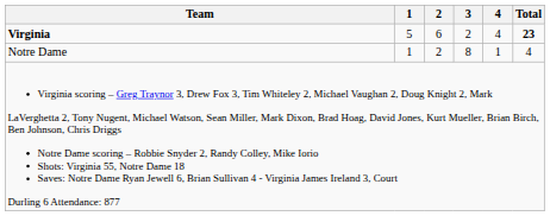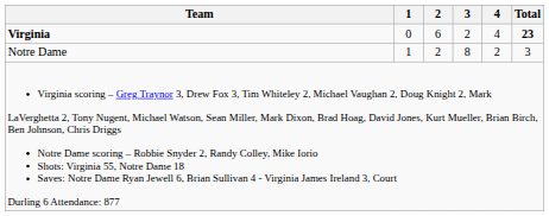 <table class="wikitable" style="text-align:center; max-width:45em">
 <tr>
 <th>Team</th>
 <th style="width:2em">1</th>
 <th style="width:2em">2</th>
 <th style="width:2em">3</th>
 <th style="width:2em">4</th>
 <th style="width:2em">Total</th>
 </tr>
 <tr>
 <td style="text-align:left"><strong>Virginia</strong></td>
-<td>5</td>
+<td>0</td>
 <td>6</td>
 <td>2</td>
 <td>4</td>
 <td><strong>23</strong></td>
 </tr>
 <tr>
 <td style="text-align:left">Notre Dame</td>
 <td>1</td>
 <td>2</td>
 <td>8</td>
-<td>1</td>
-<td>4</td>
+<td>2</td>
+<td>3</td>
 </tr>
 <tr>
 <td colspan=6 style="text-align:left; font-size:88%;"><br><ul><li>Virginia scoring – <a href='#'>Greg Traynor</a> 3, Drew Fox 3, Tim Whiteley 2, Michael Vaughan 2, Doug Knight 2, Mark</li></ul>LaVerghetta 2, Tony Nugent, Michael Watson, Sean Miller, Mark Dixon, Brad Hoag, David Jones, Kurt Mueller, Brian Birch, Ben Johnson, Chris Driggs<ul><li>Notre Dame scoring – Robbie Snyder 2, Randy Colley, Mike Iorio</li><li>Shots: Virginia 55, Notre Dame 18</li><li>Saves: Notre Dame Ryan Jewell 6, Brian Sullivan 4 - Virginia James Ireland 3, Court</li></ul>Durling 6 Attendance: 877 </td>
 </tr>
 </table>
